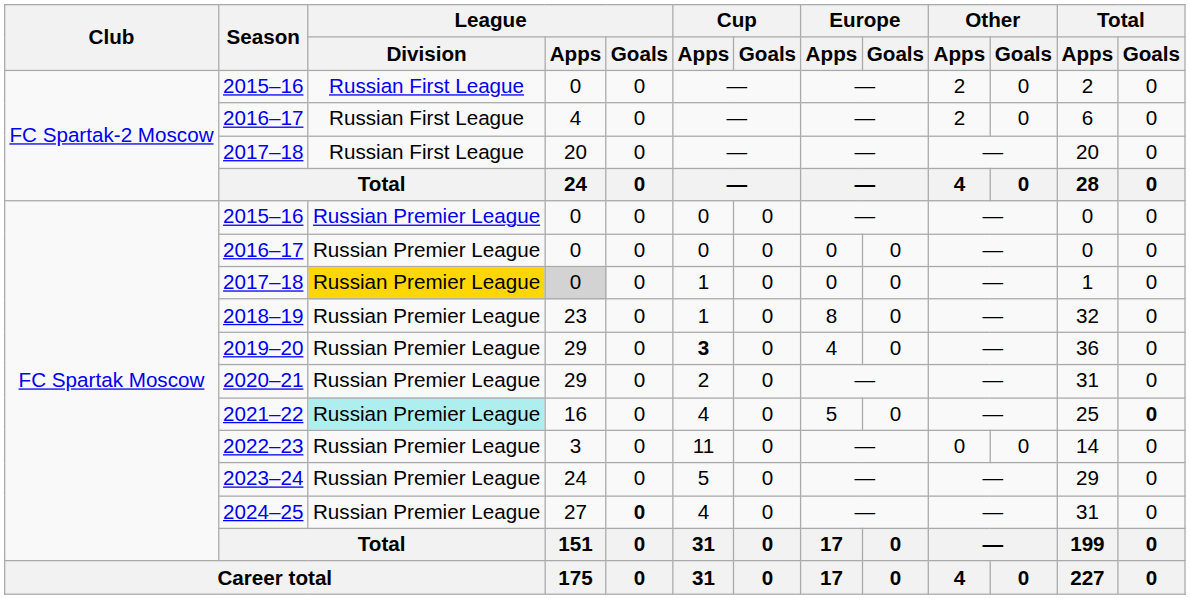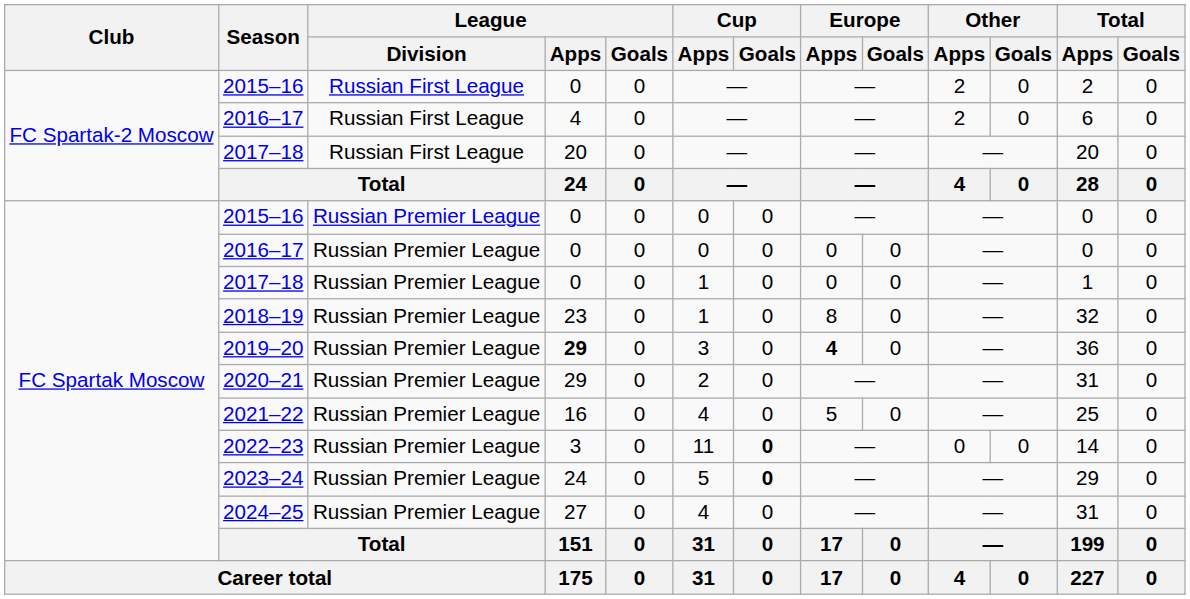 <table class="wikitable" style="text-align: center;">
 <tr>
 <th rowspan="2">Club</th>
 <th rowspan="2">Season</th>
 <th colspan="3">League</th>
 <th colspan="2">Cup</th>
 <th colspan="2">Europe</th>
 <th colspan="2">Other</th>
 <th colspan="2">Total</th>
 </tr>
 <tr>
 <th>Division</th>
 <th>Apps</th>
 <th>Goals</th>
 <th>Apps</th>
 <th>Goals</th>
 <th>Apps</th>
 <th>Goals</th>
 <th>Apps</th>
 <th>Goals</th>
 <th>Apps</th>
 <th>Goals</th>
 </tr>
 <tr>
 <td rowspan="4"><a href='#'>FC Spartak-2 Moscow</a></td>
 <td><a href='#'>2015–16</a></td>
 <td><a href='#'>Russian First League</a></td>
 <td>0</td>
 <td>0</td>
 <td colspan="2">—</td>
 <td colspan="2">—</td>
 <td>2</td>
 <td>0</td>
 <td>2</td>
 <td>0</td>
 </tr>
 <tr>
 <td><a href='#'>2016–17</a></td>
 <td>Russian First League</td>
 <td>4</td>
 <td>0</td>
 <td colspan="2">—</td>
 <td colspan="2">—</td>
 <td>2</td>
 <td>0</td>
 <td>6</td>
 <td>0</td>
 </tr>
 <tr>
 <td><a href='#'>2017–18</a></td>
 <td>Russian First League</td>
 <td>20</td>
 <td>0</td>
 <td colspan="2">—</td>
 <td colspan="2">—</td>
 <td colspan="2">—</td>
 <td>20</td>
 <td>0</td>
 </tr>
 <tr>
 <th colspan="2">Total</th>
 <th>24</th>
 <th>0</th>
 <th colspan="2">—</th>
 <th colspan="2">—</th>
 <th>4</th>
 <th>0</th>
 <th>28</th>
 <th>0</th>
 </tr>
 <tr>
 <td rowspan="11"><a href='#'>FC Spartak Moscow</a></td>
 <td><a href='#'>2015–16</a></td>
 <td><a href='#'>Russian Premier League</a></td>
 <td>0</td>
 <td>0</td>
 <td>0</td>
 <td>0</td>
 <td colspan="2">—</td>
 <td colspan="2">—</td>
 <td>0</td>
 <td>0</td>
 </tr>
 <tr>
 <td><a href='#'>2016–17</a></td>
 <td>Russian Premier League</td>
 <td>0</td>
 <td>0</td>
 <td>0</td>
 <td>0</td>
 <td>0</td>
 <td>0</td>
 <td colspan="2">—</td>
 <td>0</td>
 <td>0</td>
 </tr>
 <tr>
 <td><a href='#'>2017–18</a></td>
-<td style="background: gold;">Russian Premier League</td>
-<td style="background: lightgrey;">0</td>
+<td>Russian Premier League</td>
+<td>0</td>
 <td>0</td>
 <td>1</td>
 <td>0</td>
 <td>0</td>
 <td>0</td>
 <td colspan="2">—</td>
 <td>1</td>
 <td>0</td>
 </tr>
 <tr>
 <td><a href='#'>2018–19</a></td>
 <td>Russian Premier League</td>
 <td>23</td>
 <td>0</td>
 <td>1</td>
 <td>0</td>
 <td>8</td>
 <td>0</td>
 <td colspan="2">—</td>
 <td>32</td>
 <td>0</td>
 </tr>
 <tr>
 <td><a href='#'>2019–20</a></td>
 <td>Russian Premier League</td>
-<td>29</td>
+<td><strong>29</strong></td>
 <td>0</td>
-<td><strong>3</strong></td>
+<td>3</td>
 <td>0</td>
-<td>4</td>
+<td><strong>4</strong></td>
 <td>0</td>
 <td colspan="2">—</td>
 <td>36</td>
 <td>0</td>
 </tr>
 <tr>
 <td><a href='#'>2020–21</a></td>
 <td>Russian Premier League</td>
 <td>29</td>
 <td>0</td>
 <td>2</td>
 <td>0</td>
 <td colspan="2">—</td>
 <td colspan="2">—</td>
 <td>31</td>
 <td>0</td>
 </tr>
 <tr>
 <td><a href='#'>2021–22</a></td>
-<td style="background: paleturquoise;">Russian Premier League</td>
+<td>Russian Premier League</td>
 <td>16</td>
 <td>0</td>
 <td>4</td>
 <td>0</td>
 <td>5</td>
 <td>0</td>
 <td colspan="2">—</td>
 <td>25</td>
-<td><strong>0</strong></td>
+<td>0</td>
 </tr>
 <tr>
 <td><a href='#'>2022–23</a></td>
 <td>Russian Premier League</td>
 <td>3</td>
 <td>0</td>
 <td>11</td>
-<td>0</td>
+<td><strong>0</strong></td>
 <td colspan="2">—</td>
 <td>0</td>
 <td>0</td>
 <td>14</td>
 <td>0</td>
 </tr>
 <tr>
 <td><a href='#'>2023–24</a></td>
 <td>Russian Premier League</td>
 <td>24</td>
 <td>0</td>
 <td>5</td>
-<td>0</td>
+<td><strong>0</strong></td>
 <td colspan="2">—</td>
 <td colspan="2">—</td>
 <td>29</td>
 <td>0</td>
 </tr>
 <tr>
 <td><a href='#'>2024–25</a></td>
 <td>Russian Premier League</td>
 <td>27</td>
-<td><strong>0</strong></td>
+<td>0</td>
 <td>4</td>
 <td>0</td>
 <td colspan="2">—</td>
 <td colspan="2">—</td>
 <td>31</td>
 <td>0</td>
 </tr>
 <tr>
 <th colspan="2">Total</th>
 <th>151</th>
 <th>0</th>
 <th>31</th>
 <th>0</th>
 <th>17</th>
 <th>0</th>
 <th colspan="2">—</th>
 <th>199</th>
 <th>0</th>
 </tr>
 <tr>
 <th colspan="3">Career total</th>
 <th>175</th>
 <th>0</th>
 <th>31</th>
 <th>0</th>
 <th>17</th>
 <th>0</th>
 <th>4</th>
 <th>0</th>
 <th>227</th>
 <th>0</th>
 </tr>
 </table>
